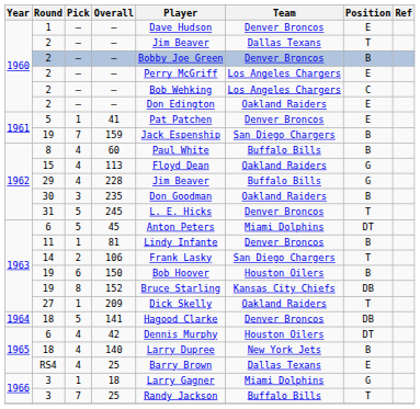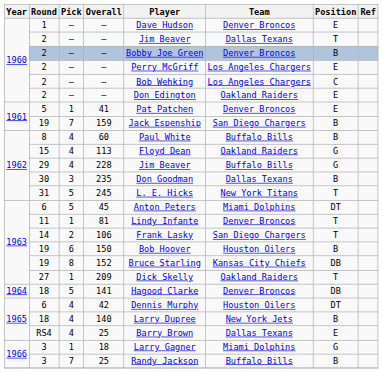 <table class="wikitable sortable" style="text-align: center;">
 <tr>
 <th>Year</th>
 <th>Round</th>
 <th>Pick</th>
 <th>Overall</th>
 <th>Player</th>
 <th>Team</th>
 <th>Position</th>
 <th>Ref</th>
 </tr>
 <tr>
 <td rowspan="6"><a href='#'>1960</a></td>
 <td>1</td>
 <td>–</td>
 <td>–</td>
 <td><a href='#'>Dave Hudson</a></td>
 <td><a href='#'>Denver Broncos</a></td>
 <td>E</td>
 <td></td>
 </tr>
 <tr>
 <td>2</td>
 <td>–</td>
 <td>–</td>
 <td><a href='#'>Jim Beaver</a></td>
 <td><a href='#'>Dallas Texans</a></td>
 <td>T</td>
 <td></td>
 </tr>
 <tr style="background-color:lightsteelblue">
 <td>2</td>
 <td>–</td>
 <td>–</td>
 <td><a href='#'>Bobby Joe Green</a></td>
 <td><a href='#'>Denver Broncos</a></td>
 <td>B</td>
 <td></td>
 </tr>
 <tr>
 <td>2</td>
 <td>–</td>
 <td>–</td>
 <td><a href='#'>Perry McGriff</a></td>
 <td><a href='#'>Los Angeles Chargers</a></td>
 <td>E</td>
 <td></td>
 </tr>
 <tr>
 <td>2</td>
 <td>–</td>
 <td>–</td>
 <td><a href='#'>Bob Wehking</a></td>
 <td><a href='#'>Los Angeles Chargers</a></td>
 <td>C</td>
 <td></td>
 </tr>
 <tr>
 <td>2</td>
 <td>–</td>
 <td>–</td>
 <td><a href='#'>Don Edington</a></td>
 <td><a href='#'>Oakland Raiders</a></td>
 <td>E</td>
 <td></td>
 </tr>
 <tr>
 <td rowspan="2"><a href='#'>1961</a></td>
 <td>5</td>
 <td>1</td>
 <td>41</td>
 <td><a href='#'>Pat Patchen</a></td>
 <td><a href='#'>Denver Broncos</a></td>
 <td>E</td>
 <td></td>
 </tr>
 <tr>
 <td>19</td>
 <td>7</td>
 <td>159</td>
 <td><a href='#'>Jack Espenship</a></td>
 <td><a href='#'>San Diego Chargers</a></td>
 <td>B</td>
 <td></td>
 </tr>
 <tr>
 <td rowspan="5"><a href='#'>1962</a></td>
 <td>8</td>
 <td>4</td>
 <td>60</td>
 <td><a href='#'>Paul White</a></td>
 <td><a href='#'>Buffalo Bills</a></td>
 <td>B</td>
 <td></td>
 </tr>
 <tr>
 <td>15</td>
 <td>4</td>
 <td>113</td>
 <td><a href='#'>Floyd Dean</a></td>
 <td><a href='#'>Oakland Raiders</a></td>
 <td>G</td>
 <td></td>
 </tr>
 <tr>
 <td>29</td>
 <td>4</td>
 <td>228</td>
 <td><a href='#'>Jim Beaver</a></td>
 <td><a href='#'>Buffalo Bills</a></td>
 <td>G</td>
 <td></td>
 </tr>
 <tr>
 <td>30</td>
 <td>3</td>
 <td>235</td>
 <td><a href='#'>Don Goodman</a></td>
-<td><a href='#'>Oakland Raiders</a></td>
+<td><a href='#'>Dallas Texans</a></td>
 <td>B</td>
 <td></td>
 </tr>
 <tr>
 <td>31</td>
 <td>5</td>
 <td>245</td>
 <td><a href='#'>L. E. Hicks</a></td>
-<td><a href='#'>Denver Broncos</a></td>
+<td><a href='#'>New York Titans</a></td>
 <td>T</td>
 <td></td>
 </tr>
 <tr>
 <td rowspan="6"><a href='#'>1963</a></td>
 <td>6</td>
 <td>5</td>
 <td>45</td>
 <td><a href='#'>Anton Peters</a></td>
 <td><a href='#'>Miami Dolphins</a></td>
 <td>DT</td>
 <td></td>
 </tr>
 <tr>
 <td>11</td>
 <td>1</td>
 <td>81</td>
 <td><a href='#'>Lindy Infante</a></td>
 <td><a href='#'>Denver Broncos</a></td>
-<td>B</td>
+<td>T</td>
 <td></td>
 </tr>
 <tr>
 <td>14</td>
 <td>2</td>
 <td>106</td>
 <td><a href='#'>Frank Lasky</a></td>
 <td><a href='#'>San Diego Chargers</a></td>
 <td>T</td>
 <td></td>
 </tr>
 <tr>
 <td>19</td>
 <td>6</td>
 <td>150</td>
 <td><a href='#'>Bob Hoover</a></td>
 <td><a href='#'>Houston Oilers</a></td>
 <td>B</td>
 <td></td>
 </tr>
 <tr>
 <td>19</td>
 <td>8</td>
 <td>152</td>
 <td><a href='#'>Bruce Starling</a></td>
 <td><a href='#'>Kansas City Chiefs</a></td>
 <td>DB</td>
 <td></td>
 </tr>
 <tr>
 <td>27</td>
 <td>1</td>
 <td>209</td>
 <td><a href='#'>Dick Skelly</a></td>
 <td><a href='#'>Oakland Raiders</a></td>
 <td>T</td>
 <td></td>
 </tr>
 <tr>
 <td><a href='#'>1964</a></td>
 <td>18</td>
 <td>5</td>
 <td>141</td>
 <td><a href='#'>Hagood Clarke</a></td>
 <td><a href='#'>Denver Broncos</a></td>
 <td>DB</td>
 <td></td>
 </tr>
 <tr>
 <td rowspan="3"><a href='#'>1965</a></td>
 <td>6</td>
 <td>4</td>
 <td>42</td>
 <td><a href='#'>Dennis Murphy</a></td>
 <td><a href='#'>Houston Oilers</a></td>
 <td>DT</td>
 <td></td>
 </tr>
 <tr>
 <td>18</td>
 <td>4</td>
 <td>140</td>
 <td><a href='#'>Larry Dupree</a></td>
 <td><a href='#'>New York Jets</a></td>
 <td>B</td>
 <td></td>
 </tr>
 <tr>
 <td>RS4</td>
 <td>4</td>
 <td>25</td>
 <td><a href='#'>Barry Brown</a></td>
 <td><a href='#'>Dallas Texans</a></td>
 <td>E</td>
 <td></td>
 </tr>
 <tr>
 <td rowspan="2"><a href='#'>1966</a></td>
 <td>3</td>
 <td>1</td>
 <td>18</td>
 <td><a href='#'>Larry Gagner</a></td>
 <td><a href='#'>Miami Dolphins</a></td>
 <td>G</td>
 <td></td>
 </tr>
 <tr>
 <td>3</td>
 <td>7</td>
 <td>25</td>
 <td><a href='#'>Randy Jackson</a></td>
 <td><a href='#'>Buffalo Bills</a></td>
-<td>T</td>
+<td>B</td>
 <td></td>
 </tr>
 <tr>
 </tr>
 </table>
